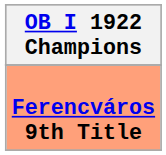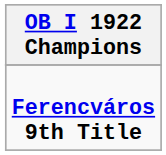 <table class="wikitable" style="text-align: center; margin: 0 auto;">
 <tr>
 <th><a href='#'>OB I</a> 1922<br>Champions</th>
 </tr>
 <tr>
 </tr>
 <tr>
-<td style="background: lightsalmon;"> <br><strong><a href='#'>Ferencváros</a></strong><br><strong>9th Title</strong></td>
+<td> <br><strong><a href='#'>Ferencváros</a></strong><br><strong>9th Title</strong></td>
 </tr>
 </table>
